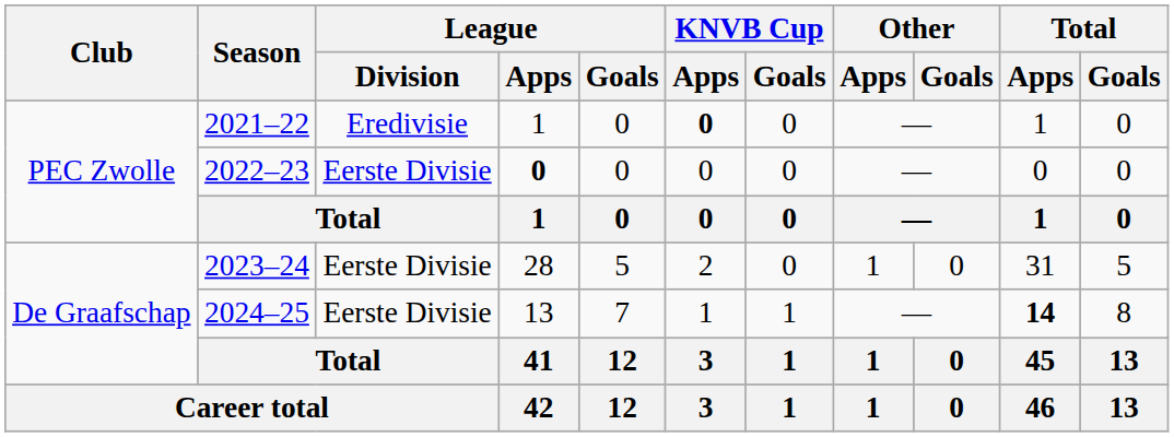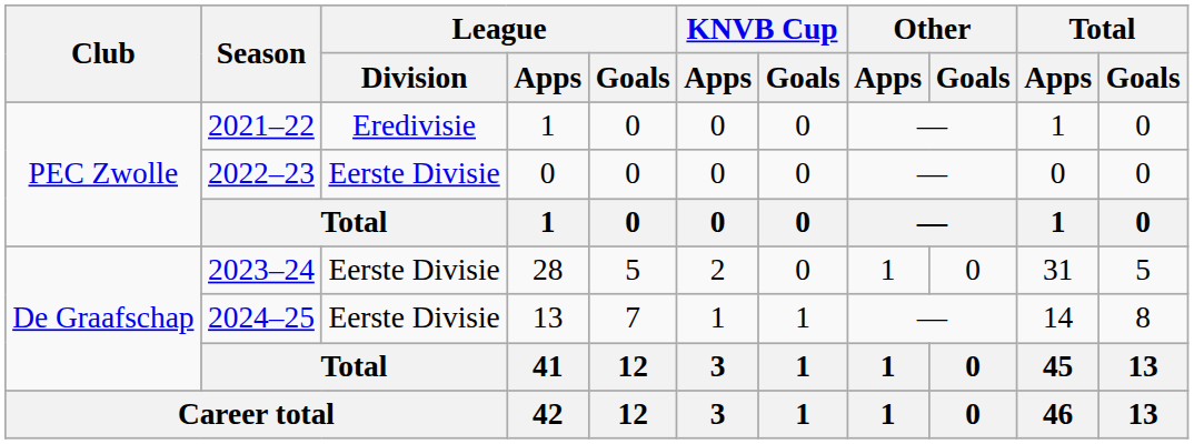 <table class="wikitable" style="text-align:center">
 <tr>
 <th rowspan="2">Club</th>
 <th rowspan="2">Season</th>
 <th colspan="3">League</th>
 <th colspan="2"><a href='#'>KNVB Cup</a></th>
 <th colspan="2">Other</th>
 <th colspan="2">Total</th>
 </tr>
 <tr>
 <th>Division</th>
 <th>Apps</th>
 <th>Goals</th>
 <th>Apps</th>
 <th>Goals</th>
 <th>Apps</th>
 <th>Goals</th>
 <th>Apps</th>
 <th>Goals</th>
 </tr>
 <tr>
 <td rowspan="3"><a href='#'>PEC Zwolle</a></td>
 <td><a href='#'>2021–22</a></td>
 <td><a href='#'>Eredivisie</a></td>
 <td>1</td>
 <td>0</td>
-<td><strong>0</strong></td>
+<td>0</td>
 <td>0</td>
 <td colspan="2">—</td>
 <td>1</td>
 <td>0</td>
 </tr>
 <tr>
 <td><a href='#'>2022–23</a></td>
 <td><a href='#'>Eerste Divisie</a></td>
-<td><strong>0</strong></td>
+<td>0</td>
 <td>0</td>
 <td>0</td>
 <td>0</td>
 <td colspan="2">—</td>
 <td>0</td>
 <td>0</td>
 </tr>
 <tr>
 <th colspan="2">Total</th>
 <th>1</th>
 <th>0</th>
 <th>0</th>
 <th>0</th>
 <th colspan="2">—</th>
 <th>1</th>
 <th>0</th>
 </tr>
 <tr>
 <td rowspan="3"><a href='#'>De Graafschap</a></td>
 <td><a href='#'>2023–24</a></td>
 <td>Eerste Divisie</td>
 <td>28</td>
 <td>5</td>
 <td>2</td>
 <td>0</td>
 <td>1</td>
 <td>0</td>
 <td>31</td>
 <td>5</td>
 </tr>
 <tr>
 <td><a href='#'>2024–25</a></td>
 <td>Eerste Divisie</td>
 <td>13</td>
 <td>7</td>
 <td>1</td>
 <td>1</td>
 <td colspan="2">—</td>
-<td><strong>14</strong></td>
+<td>14</td>
 <td>8</td>
 </tr>
 <tr>
 <th colspan="2">Total</th>
 <th>41</th>
 <th>12</th>
 <th>3</th>
 <th>1</th>
 <th>1</th>
 <th>0</th>
 <th>45</th>
 <th>13</th>
 </tr>
 <tr>
 <th colspan="3">Career total</th>
 <th>42</th>
 <th>12</th>
 <th>3</th>
 <th>1</th>
 <th>1</th>
 <th>0</th>
 <th>46</th>
 <th>13</th>
 </tr>
 </table>
